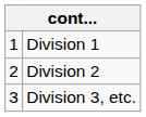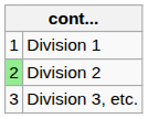 <table class="wikitable" style="font-size:85%">
 <tr>
 <th colspan=2>cont...</th>
 </tr>
 <tr>
 <td style="text-align: center;">1</td>
 <td>Division 1</td>
 </tr>
 <tr>
-<td style="text-align: center;">2</td>
+<td style="background: lightgreen; text-align: center;">2</td>
 <td>Division 2</td>
 </tr>
 <tr>
 <td style="text-align: center;">3</td>
 <td>Division 3, etc.</td>
 </tr>
 </table>
